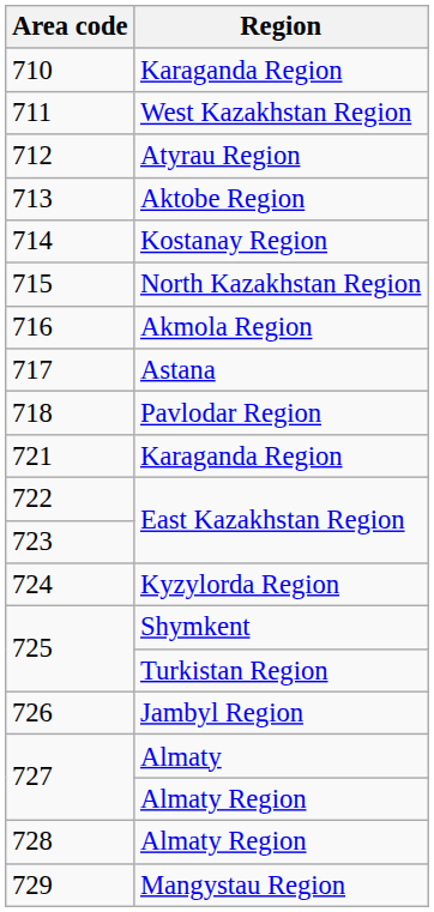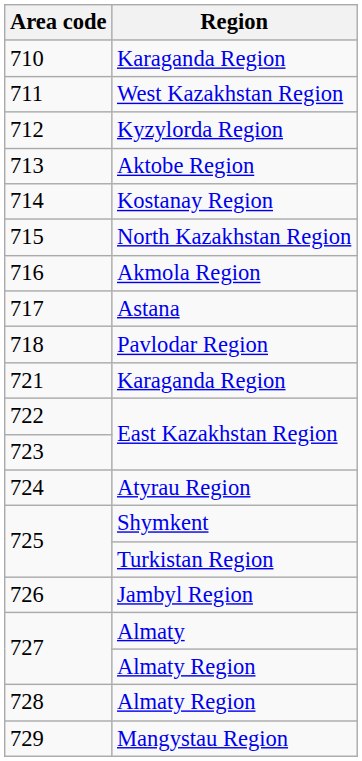 <table class="wikitable">
 <tr>
 <th>Area code</th>
 <th>Region</th>
 </tr>
 <tr>
 <td>710</td>
 <td><a href='#'>Karaganda Region</a></td>
 </tr>
 <tr>
 <td>711</td>
 <td><a href='#'>West Kazakhstan Region</a></td>
 </tr>
 <tr>
 <td>712</td>
-<td><a href='#'>Atyrau Region</a></td>
+<td><a href='#'>Kyzylorda Region</a></td>
 </tr>
 <tr>
 <td>713</td>
 <td><a href='#'>Aktobe Region</a></td>
 </tr>
 <tr>
 <td>714</td>
 <td><a href='#'>Kostanay Region</a></td>
 </tr>
 <tr>
 <td>715</td>
 <td><a href='#'>North Kazakhstan Region</a></td>
 </tr>
 <tr>
 <td>716</td>
 <td><a href='#'>Akmola Region</a></td>
 </tr>
 <tr>
 <td>717</td>
 <td><a href='#'>Astana</a></td>
 </tr>
 <tr>
 <td>718</td>
 <td><a href='#'>Pavlodar Region</a></td>
 </tr>
 <tr>
 <td>721</td>
 <td><a href='#'>Karaganda Region</a></td>
 </tr>
 <tr>
 <td>722</td>
 <td rowspan="2"><a href='#'>East Kazakhstan Region</a></td>
 </tr>
 <tr>
 <td>723</td>
 </tr>
 <tr>
 <td>724</td>
-<td><a href='#'>Kyzylorda Region</a></td>
+<td><a href='#'>Atyrau Region</a></td>
 </tr>
 <tr>
 <td rowspan="2">725</td>
 <td><a href='#'>Shymkent</a></td>
 </tr>
 <tr>
 <td><a href='#'>Turkistan Region</a></td>
 </tr>
 <tr>
 <td>726</td>
 <td><a href='#'>Jambyl Region</a></td>
 </tr>
 <tr>
 <td rowspan="2">727</td>
 <td><a href='#'>Almaty</a></td>
 </tr>
 <tr>
 <td><a href='#'>Almaty Region</a></td>
 </tr>
 <tr>
 <td>728</td>
 <td><a href='#'>Almaty Region</a></td>
 </tr>
 <tr>
 <td>729</td>
 <td><a href='#'>Mangystau Region</a></td>
 </tr>
 </table>
